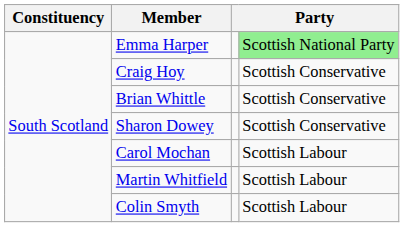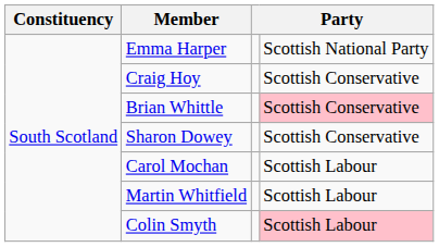 <table class="wikitable" style="font-size: 95%;">
 <tr>
 <th>Constituency</th>
 <th>Member</th>
 <th colspan=2>Party</th>
 </tr>
 <tr>
 <td rowspan=7><a href='#'>South Scotland</a></td>
 <td><a href='#'>Emma Harper</a></td>
 <td></td>
-<td style="background: lightgreen;">Scottish National Party</td>
+<td>Scottish National Party</td>
 </tr>
 <tr>
 <td><a href='#'>Craig Hoy</a></td>
 <td></td>
 <td>Scottish Conservative</td>
 </tr>
 <tr>
 <td><a href='#'>Brian Whittle</a></td>
 <td></td>
-<td>Scottish Conservative</td>
+<td style="background: pink;">Scottish Conservative</td>
 </tr>
 <tr>
 <td><a href='#'>Sharon Dowey</a></td>
 <td></td>
 <td>Scottish Conservative</td>
 </tr>
 <tr>
 <td><a href='#'>Carol Mochan</a></td>
 <td></td>
 <td>Scottish Labour</td>
 </tr>
 <tr>
 <td><a href='#'>Martin Whitfield</a></td>
 <td></td>
 <td>Scottish Labour</td>
 </tr>
 <tr>
 <td><a href='#'>Colin Smyth</a></td>
 <td></td>
-<td>Scottish Labour</td>
+<td style="background: pink;">Scottish Labour</td>
 </tr>
 </table>
